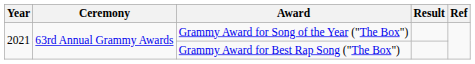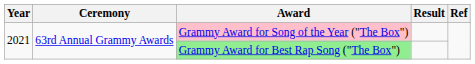 <table class="wikitable">
 <tr style="background:#ccc; text-align:center;">
 <th scope="col">Year</th>
 <th scope="col">Ceremony</th>
 <th scope="col">Award</th>
 <th scope="col">Result</th>
 <th>Ref</th>
 </tr>
 <tr>
 <td rowspan="2">2021</td>
 <td rowspan="2"><a href='#'>63rd Annual Grammy Awards</a></td>
-<td><a href='#'>Grammy Award for Song of the Year</a> ("<a href='#'>The Box</a>")</td>
+<td style="background: pink;"><a href='#'>Grammy Award for Song of the Year</a> ("<a href='#'>The Box</a>")</td>
 <td></td>
 <td style="text-align:center;" rowspan="2"></td>
 </tr>
 <tr>
-<td><a href='#'>Grammy Award for Best Rap Song</a> ("<a href='#'>The Box</a>")</td>
+<td style="background: lightgreen;"><a href='#'>Grammy Award for Best Rap Song</a> ("<a href='#'>The Box</a>")</td>
 <td></td>
 </tr>
 </table>
